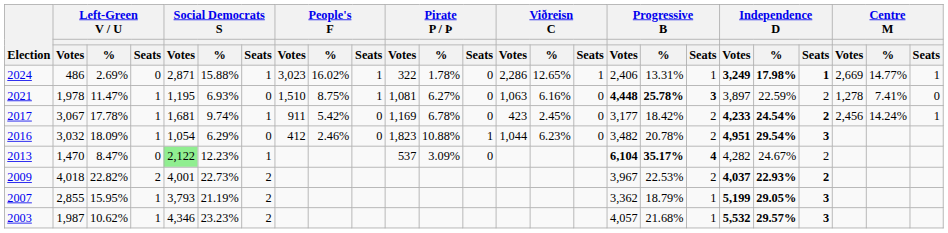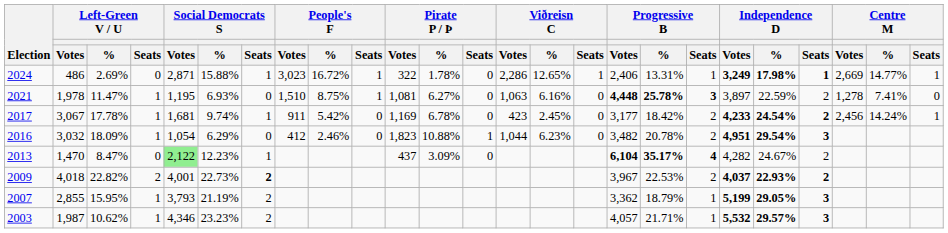 <table class="wikitable" border="1" style="font-size:95%; text-align:right;">
 <tr>
 <th style="text-align:left;" valign=bottom rowspan=3>Election</th>
 <th valign=bottom colspan=3><a href='#'>Left-Green</a><br>V / U</th>
 <th valign=bottom colspan=3><a href='#'>Social Democrats</a><br>S</th>
 <th valign=bottom colspan=3><a href='#'>People's</a><br>F</th>
 <th valign=bottom colspan=3><a href='#'>Pirate</a><br>P / Þ</th>
 <th valign=bottom colspan=3><a href='#'>Viðreisn</a><br>C</th>
 <th valign=bottom colspan=3><a href='#'>Progressive</a><br>B</th>
 <th valign=bottom colspan=3><a href='#'>Independence</a><br>D</th>
 <th valign=bottom colspan=3><a href='#'>Centre</a><br>M</th>
 </tr>
 <tr>
 <th colspan=3 style="background:"></th>
 <th colspan=3 style="background:"></th>
 <th colspan=3 style="background:"></th>
 <th colspan=3 style="background:"></th>
 <th colspan=3 style="background:"></th>
 <th colspan=3 style="background:"></th>
 <th colspan=3 style="background:"></th>
 <th colspan=3 style="background:"></th>
 </tr>
 <tr>
 <th>Votes</th>
 <th>%</th>
 <th>Seats</th>
 <th>Votes</th>
 <th>%</th>
 <th>Seats</th>
 <th>Votes</th>
 <th>%</th>
 <th>Seats</th>
 <th>Votes</th>
 <th>%</th>
 <th>Seats</th>
 <th>Votes</th>
 <th>%</th>
 <th>Seats</th>
 <th>Votes</th>
 <th>%</th>
 <th>Seats</th>
 <th>Votes</th>
 <th>%</th>
 <th>Seats</th>
 <th>Votes</th>
 <th>%</th>
 <th>Seats</th>
 </tr>
 <tr>
 <td align=left><a href='#'>2024</a></td>
 <td>486</td>
 <td>2.69%</td>
 <td>0</td>
 <td>2,871</td>
 <td>15.88%</td>
 <td>1</td>
 <td>3,023</td>
-<td>16.02%</td>
+<td>16.72%</td>
 <td>1</td>
 <td>322</td>
 <td>1.78%</td>
 <td>0</td>
 <td>2,286</td>
 <td>12.65%</td>
 <td>1</td>
 <td>2,406</td>
 <td>13.31%</td>
 <td>1</td>
 <td><strong>3,249</strong></td>
 <td><strong>17.98%</strong></td>
 <td><strong>1</strong></td>
 <td>2,669</td>
 <td>14.77%</td>
 <td>1</td>
 </tr>
 <tr>
 <td align=left><a href='#'>2021</a></td>
 <td>1,978</td>
 <td>11.47%</td>
 <td>1</td>
 <td>1,195</td>
 <td>6.93%</td>
 <td>0</td>
 <td>1,510</td>
 <td>8.75%</td>
 <td>1</td>
 <td>1,081</td>
 <td>6.27%</td>
 <td>0</td>
 <td>1,063</td>
 <td>6.16%</td>
 <td>0</td>
 <td><strong>4,448</strong></td>
 <td><strong>25.78%</strong></td>
 <td><strong>3</strong></td>
 <td>3,897</td>
 <td>22.59%</td>
 <td>2</td>
 <td>1,278</td>
 <td>7.41%</td>
 <td>0</td>
 </tr>
 <tr>
 <td align=left><a href='#'>2017</a></td>
 <td>3,067</td>
 <td>17.78%</td>
 <td>1</td>
 <td>1,681</td>
 <td>9.74%</td>
 <td>1</td>
 <td>911</td>
 <td>5.42%</td>
 <td>0</td>
 <td>1,169</td>
 <td>6.78%</td>
 <td>0</td>
 <td>423</td>
 <td>2.45%</td>
 <td>0</td>
 <td>3,177</td>
 <td>18.42%</td>
 <td>2</td>
 <td><strong>4,233</strong></td>
 <td><strong>24.54%</strong></td>
 <td><strong>2</strong></td>
 <td>2,456</td>
 <td>14.24%</td>
 <td>1</td>
 </tr>
 <tr>
 <td align=left><a href='#'>2016</a></td>
 <td>3,032</td>
 <td>18.09%</td>
 <td>1</td>
 <td>1,054</td>
 <td>6.29%</td>
 <td>0</td>
 <td>412</td>
 <td>2.46%</td>
 <td>0</td>
 <td>1,823</td>
 <td>10.88%</td>
 <td>1</td>
 <td>1,044</td>
 <td>6.23%</td>
 <td>0</td>
 <td>3,482</td>
 <td>20.78%</td>
 <td>2</td>
 <td><strong>4,951</strong></td>
 <td><strong>29.54%</strong></td>
 <td><strong>3</strong></td>
 <td></td>
 <td></td>
 <td></td>
 </tr>
 <tr>
 <td align=left><a href='#'>2013</a></td>
 <td>1,470</td>
 <td>8.47%</td>
 <td>0</td>
 <td style="background: lightgreen;">2,122</td>
 <td>12.23%</td>
 <td>1</td>
 <td></td>
 <td></td>
 <td></td>
-<td>537</td>
+<td>437</td>
 <td>3.09%</td>
 <td>0</td>
 <td></td>
 <td></td>
 <td></td>
 <td><strong>6,104</strong></td>
 <td><strong>35.17%</strong></td>
 <td><strong>4</strong></td>
 <td>4,282</td>
 <td>24.67%</td>
 <td>2</td>
 <td></td>
 <td></td>
 <td></td>
 </tr>
 <tr>
 <td align=left><a href='#'>2009</a></td>
 <td>4,018</td>
 <td>22.82%</td>
 <td>2</td>
 <td>4,001</td>
 <td>22.73%</td>
-<td>2</td>
+<td><strong>2</strong></td>
 <td></td>
 <td></td>
 <td></td>
 <td></td>
 <td></td>
 <td></td>
 <td></td>
 <td></td>
 <td></td>
 <td>3,967</td>
 <td>22.53%</td>
 <td>2</td>
 <td><strong>4,037</strong></td>
 <td><strong>22.93%</strong></td>
 <td><strong>2</strong></td>
 <td></td>
 <td></td>
 <td></td>
 </tr>
 <tr>
 <td align=left><a href='#'>2007</a></td>
 <td>2,855</td>
 <td>15.95%</td>
 <td>1</td>
 <td>3,793</td>
 <td>21.19%</td>
 <td>2</td>
 <td></td>
 <td></td>
 <td></td>
 <td></td>
 <td></td>
 <td></td>
 <td></td>
 <td></td>
 <td></td>
 <td>3,362</td>
 <td>18.79%</td>
 <td>1</td>
 <td><strong>5,199</strong></td>
 <td><strong>29.05%</strong></td>
 <td><strong>3</strong></td>
 <td></td>
 <td></td>
 <td></td>
 </tr>
 <tr>
 <td align=left><a href='#'>2003</a></td>
 <td>1,987</td>
 <td>10.62%</td>
 <td>1</td>
 <td>4,346</td>
 <td>23.23%</td>
 <td>2</td>
 <td></td>
 <td></td>
 <td></td>
 <td></td>
 <td></td>
 <td></td>
 <td></td>
 <td></td>
 <td></td>
 <td>4,057</td>
-<td>21.68%</td>
+<td>21.71%</td>
 <td>1</td>
 <td><strong>5,532</strong></td>
 <td><strong>29.57%</strong></td>
 <td><strong>3</strong></td>
 <td></td>
 <td></td>
 <td></td>
 </tr>
 </table>
